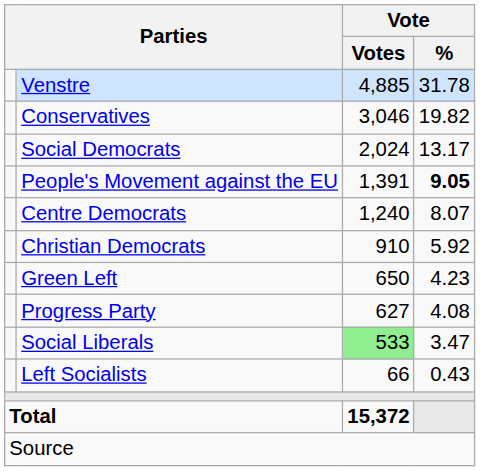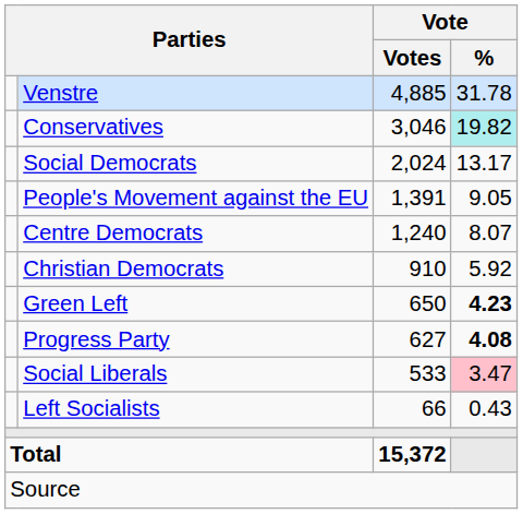 <table class="wikitable" style="text-align:right;">
 <tr>
 <th style="text-align:centre;" rowspan="2" colspan="2" width="225">Parties</th>
 <th colspan="3">Vote</th>
 </tr>
 <tr>
 <th width="15">Votes</th>
 <th width="15">%</th>
 </tr>
 <tr>
 <td width="2" style="color:inherit;background:"></td>
 <td bgcolor=#cfe5fe   align="left"><a href='#'>Venstre</a></td>
 <td bgcolor=#cfe5fe>4,885</td>
 <td bgcolor=#cfe5fe>31.78</td>
 </tr>
 <tr>
 <td width="2" style="color:inherit;background:"></td>
 <td align="left"><a href='#'>Conservatives</a></td>
 <td>3,046</td>
-<td>19.82</td>
+<td style="background: paleturquoise;">19.82</td>
 </tr>
 <tr>
 <td width="2" style="color:inherit;background:"></td>
 <td align="left"><a href='#'>Social Democrats</a></td>
 <td>2,024</td>
 <td>13.17</td>
 </tr>
 <tr>
 <td width="2" style="color:inherit;background:"></td>
 <td align="left"><a href='#'>People's Movement against the EU</a></td>
 <td>1,391</td>
-<td><strong>9.05</strong></td>
+<td>9.05</td>
 </tr>
 <tr>
 <td width="2" style="color:inherit;background:"></td>
 <td align="left"><a href='#'>Centre Democrats</a></td>
 <td>1,240</td>
 <td>8.07</td>
 </tr>
 <tr>
 <td width="2" style="color:inherit;background:"></td>
 <td align="left"><a href='#'>Christian Democrats</a></td>
 <td>910</td>
 <td>5.92</td>
 </tr>
 <tr>
 <td width="2" style="color:inherit;background:"></td>
 <td align="left"><a href='#'>Green Left</a></td>
 <td>650</td>
-<td>4.23</td>
+<td><strong>4.23</strong></td>
 </tr>
 <tr>
 <td width="2" style="color:inherit;background:"></td>
 <td align="left"><a href='#'>Progress Party</a></td>
 <td>627</td>
-<td>4.08</td>
+<td><strong>4.08</strong></td>
 </tr>
 <tr>
 <td width="2" style="color:inherit;background:"></td>
 <td align="left"><a href='#'>Social Liberals</a></td>
-<td style="background: lightgreen;">533</td>
-<td>3.47</td>
+<td>533</td>
+<td style="background: pink;">3.47</td>
 </tr>
 <tr>
 <td width="2" style="color:inherit;background:"></td>
 <td align="left"><a href='#'>Left Socialists</a></td>
 <td>66</td>
 <td>0.43</td>
 </tr>
 <tr>
 <td colspan="7" bgcolor="#E9E9E9"></td>
 </tr>
 <tr>
 <td align="left" colspan="2"><strong>Total</strong></td>
 <td><strong>15,372</strong></td>
 <td bgcolor="#E9E9E9" colspan="2"></td>
 </tr>
 <tr>
 <td align="left" colspan="6">Source</td>
 </tr>
 </table>
